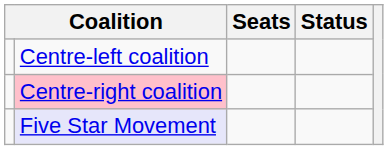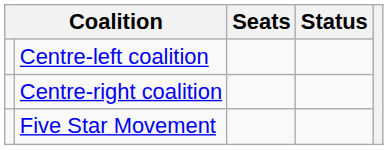 <table class=wikitable>
 <tr>
 <th colspan=2>Coalition</th>
 <th>Seats</th>
 <th>Status</th>
 <th rowspan=4></th>
 </tr>
 <tr>
 <td style="color:inherit;background:"></td>
 <td><a href='#'>Centre-left coalition</a></td>
 <td></td>
 <td></td>
 </tr>
 <tr>
 <td style="color:inherit;background:"></td>
-<td style="background: pink;"><a href='#'>Centre-right coalition</a></td>
+<td><a href='#'>Centre-right coalition</a></td>
 <td></td>
 <td></td>
 </tr>
 <tr>
 <td style="color:inherit;background:"></td>
-<td style="background: lavender;"><a href='#'>Five Star Movement</a></td>
+<td><a href='#'>Five Star Movement</a></td>
 <td></td>
 <td></td>
 </tr>
 </table>
